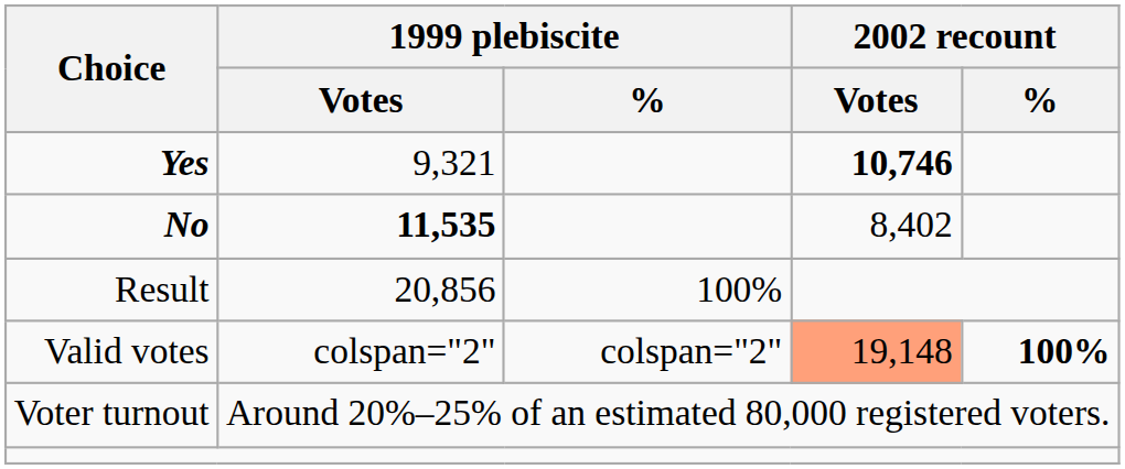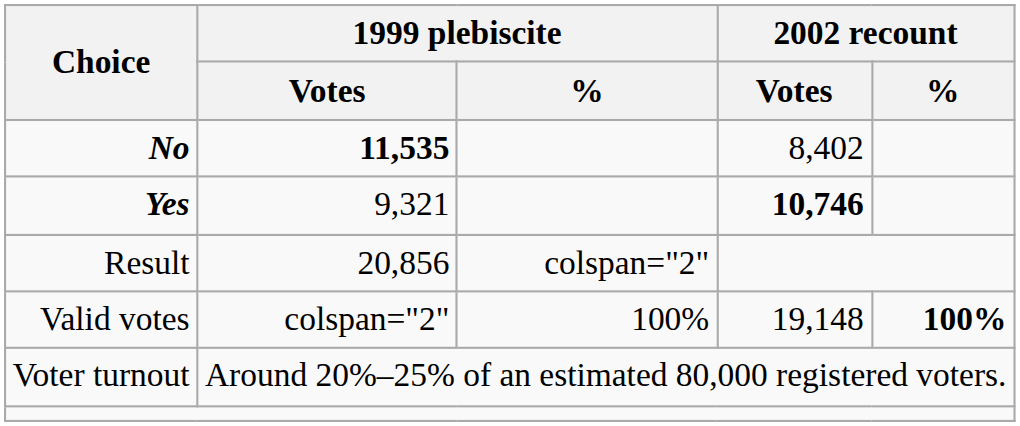 <table class="wikitable" style="text-align:right; line-height:1.25em; font-size:100%;">
 <tr>
 <th rowspan="2">Choice</th>
 <th colspan="2">1999 plebiscite</th>
 <th colspan="2">2002 recount</th>
 </tr>
 <tr>
 <th>Votes</th>
 <th>%</th>
 <th>Votes</th>
 <th>%</th>
 </tr>
 <tr>
+<td><strong><em>No</em></strong></td>
+<td><strong>11,535</strong></td>
+<td><strong></strong></td>
+<td>8,402</td>
+<td></td>
+</tr>
+<tr>
 <td><strong><em>Yes</em></strong></td>
 <td>9,321</td>
 <td></td>
 <td><strong>10,746</strong></td>
 <td><strong></strong></td>
 </tr>
 <tr>
-<td><strong><em>No</em></strong></td>
-<td><strong>11,535</strong></td>
-<td><strong></strong></td>
-<td>8,402</td>
-<td></td>
-</tr>
-<tr>
 <td>Result</td>
 <td>20,856</td>
-<td>100%</td>
+<td>colspan="2" </td>
 </tr>
 <tr>
 <td>Valid votes</td>
 <td>colspan="2" </td>
-<td>colspan="2" </td>
-<td style="background: lightsalmon;">19,148</td>
+<td>100%</td>
+<td>19,148</td>
 <td><strong>100%</strong></td>
 </tr>
 <tr>
 <td>Voter turnout</td>
 <td colspan="4" align="center">Around 20%–25% of an estimated 80,000 registered voters.</td>
 </tr>
 <tr>
 <td colspan="5" align="left"></td>
 </tr>
 </table>
